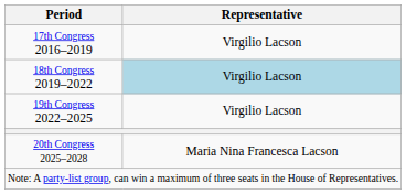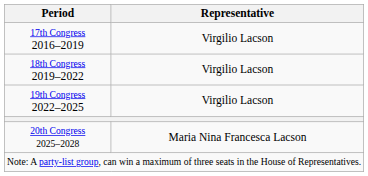 <table class="wikitable"; style="text-align:center">
 <tr>
 <th>Period</th>
 <th>Representative</th>
 </tr>
 <tr>
 <td><small><a href='#'>17th Congress</a></small><br>2016–2019</td>
 <td>Virgilio Lacson</td>
 </tr>
 <tr>
 <td><small><a href='#'>18th Congress</a></small><br>2019–2022</td>
-<td style="background: lightblue;">Virgilio Lacson</td>
+<td>Virgilio Lacson</td>
 </tr>
 <tr>
 <td><small><a href='#'>19th Congress</a></small><br>2022–2025</td>
 <td>Virgilio Lacson</td>
 </tr>
 <tr>
 <th colspan=2></th>
 </tr>
 <tr>
 <td><small><a href='#'>20th Congress</a><br>2025–2028</small><br></td>
 <td>Maria Nina Francesca Lacson</td>
 </tr>
 <tr>
 <td colspan=2><small>Note: A <a href='#'>party-list group</a>, can win a maximum of three seats in the House of Representatives.</small></td>
 </tr>
 </table>
